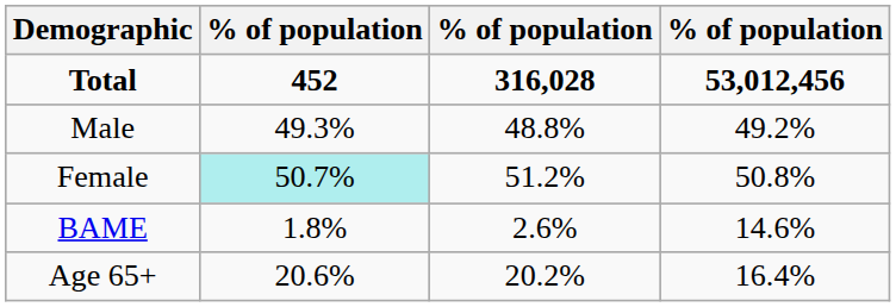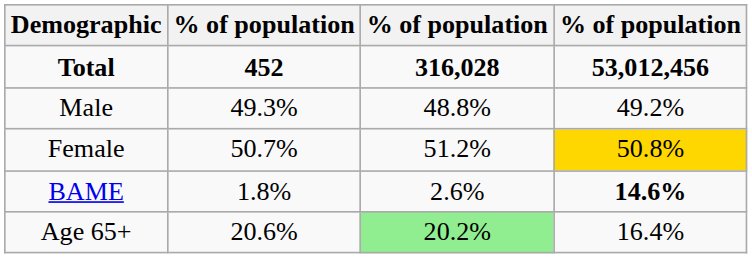 <table class="wikitable sortable" style="text-align: center">
 <tr>
 <th>Demographic</th>
 <th>% of population <br> </th>
 <th>% of population <br> </th>
 <th>% of population  <br> </th>
 </tr>
 <tr>
 <td><strong>Total</strong></td>
 <td><strong>452</strong></td>
 <td><strong>316,028</strong></td>
 <td><strong>53,012,456</strong></td>
 </tr>
 <tr>
 <td>Male</td>
 <td>49.3%</td>
 <td>48.8%</td>
 <td>49.2%</td>
 </tr>
 <tr>
 <td>Female</td>
-<td style="background: paleturquoise;">50.7%</td>
+<td>50.7%</td>
 <td>51.2%</td>
-<td>50.8%</td>
+<td style="background: gold;">50.8%</td>
 </tr>
 <tr>
 <td><a href='#'>BAME</a></td>
 <td>1.8%</td>
 <td>2.6%</td>
-<td>14.6%</td>
+<td><strong>14.6%</strong></td>
 </tr>
 <tr>
 <td>Age 65+</td>
 <td>20.6%</td>
-<td>20.2%</td>
+<td style="background: lightgreen;">20.2%</td>
 <td>16.4%</td>
 </tr>
 </table>
